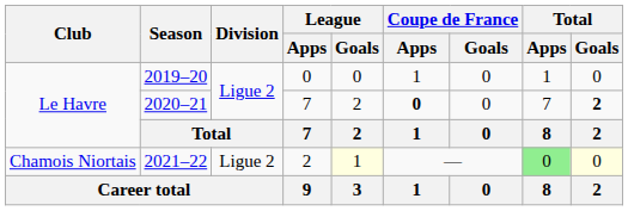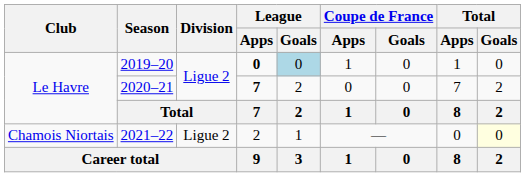 <table class="wikitable" style="text-align: center">
 <tr>
 <th rowspan="2">Club</th>
 <th rowspan="2">Season</th>
 <th rowspan="2">Division</th>
 <th colspan="2">League</th>
 <th colspan="2"><a href='#'>Coupe de France</a></th>
 <th colspan="2">Total</th>
 </tr>
 <tr>
 <th>Apps</th>
 <th>Goals</th>
 <th>Apps</th>
 <th>Goals</th>
 <th>Apps</th>
 <th>Goals</th>
 </tr>
 <tr>
 <td rowspan="3"><a href='#'>Le Havre</a></td>
 <td><a href='#'>2019–20</a></td>
 <td rowspan="2"><a href='#'>Ligue 2</a></td>
-<td>0</td>
-<td>0</td>
+<td><strong>0</strong></td>
+<td style="background: lightblue;">0</td>
 <td>1</td>
 <td>0</td>
 <td>1</td>
 <td>0</td>
 </tr>
 <tr>
 <td><a href='#'>2020–21</a></td>
+<td><strong>7</strong></td>
+<td>2</td>
+<td>0</td>
+<td>0</td>
 <td>7</td>
 <td>2</td>
-<td><strong>0</strong></td>
-<td>0</td>
-<td>7</td>
-<td><strong>2</strong></td>
 </tr>
 <tr>
 <th colspan="2">Total</th>
 <th>7</th>
 <th>2</th>
 <th>1</th>
 <th>0</th>
 <th>8</th>
 <th>2</th>
 </tr>
 <tr>
 <td><a href='#'>Chamois Niortais</a></td>
 <td><a href='#'>2021–22</a></td>
 <td>Ligue 2</td>
 <td>2</td>
-<td style="background: lightyellow;">1</td>
+<td>1</td>
 <td colspan="2">—</td>
-<td style="background: lightgreen;">0</td>
+<td>0</td>
 <td style="background: lightyellow;">0</td>
 </tr>
 <tr>
 <th colspan="3">Career total</th>
 <th>9</th>
 <th>3</th>
 <th>1</th>
 <th>0</th>
 <th>8</th>
 <th>2</th>
 </tr>
 </table>
